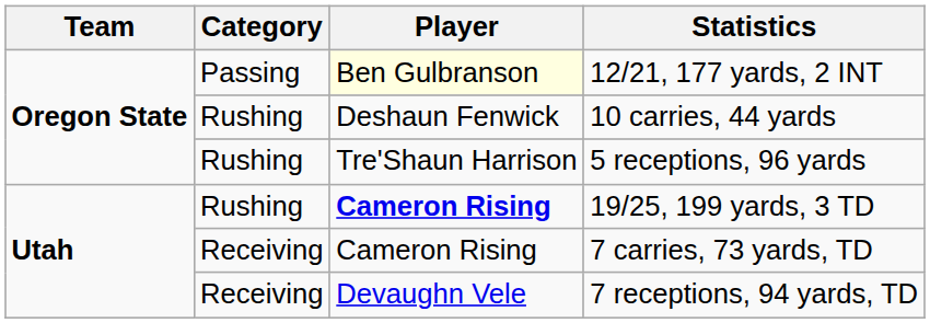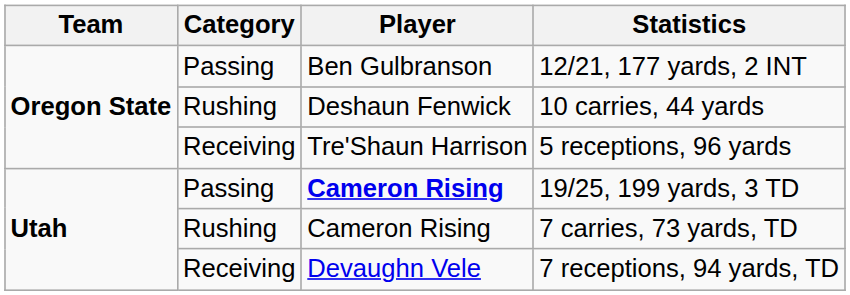 <table class="wikitable" style="float: right;">
 <tr>
 <th>Team</th>
 <th>Category</th>
 <th>Player</th>
 <th>Statistics</th>
 </tr>
 <tr>
 <td rowspan=3><strong>Oregon State</strong></td>
 <td>Passing</td>
-<td style="background: lightyellow;">Ben Gulbranson</td>
+<td>Ben Gulbranson</td>
 <td>12/21, 177 yards, 2 INT</td>
 </tr>
 <tr>
 <td>Rushing</td>
 <td>Deshaun Fenwick</td>
 <td>10 carries, 44 yards</td>
 </tr>
 <tr>
-<td>Rushing</td>
+<td>Receiving</td>
 <td>Tre'Shaun Harrison</td>
 <td>5 receptions, 96 yards</td>
 </tr>
 <tr>
 <td rowspan=3><strong>Utah</strong></td>
-<td>Rushing</td>
+<td>Passing</td>
 <td><strong><a href='#'>Cameron Rising</a></strong></td>
 <td>19/25, 199 yards, 3 TD</td>
 </tr>
 <tr>
-<td>Receiving</td>
+<td>Rushing</td>
 <td>Cameron Rising</td>
 <td>7 carries, 73 yards, TD</td>
 </tr>
 <tr>
 <td>Receiving</td>
 <td><a href='#'>Devaughn Vele</a></td>
 <td>7 receptions, 94 yards, TD</td>
 </tr>
 </table>
